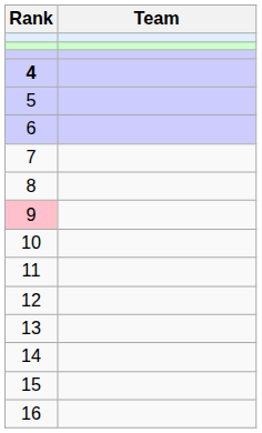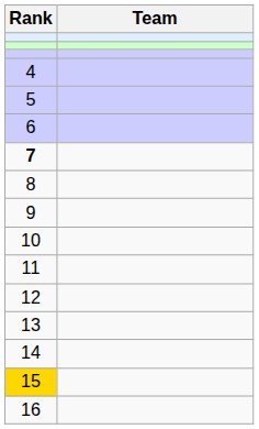 <table class="wikitable">
 <tr>
 <th>Rank</th>
 <th style="width: 170px;">Team</th>
 </tr>
 <tr style="background: #DFEFFF;">
 <td style="text-align: center;"></td>
 <td></td>
 </tr>
 <tr style="background: #CCFFCC;">
 <td style="text-align: center;"></td>
 <td></td>
 </tr>
 <tr style="background: #CCCCFF;">
 <td style="text-align: center;"></td>
 <td></td>
 </tr>
 <tr style="background: #CCCCFF;">
-<td style="text-align: center;"><strong>4</strong></td>
+<td style="text-align: center;">4</td>
 <td></td>
 </tr>
 <tr style="background: #CCCCFF;">
 <td style="text-align: center;">5</td>
 <td></td>
 </tr>
 <tr style="background: #CCCCFF;">
 <td style="text-align: center;">6</td>
 <td></td>
 </tr>
 <tr>
-<td style="text-align: center;">7</td>
+<td style="text-align: center;"><strong>7</strong></td>
 <td></td>
 </tr>
 <tr>
 <td style="text-align: center;">8</td>
 <td></td>
 </tr>
 <tr>
-<td style="background: pink; text-align: center;">9</td>
+<td style="text-align: center;">9</td>
 <td></td>
 </tr>
 <tr>
 <td style="text-align: center;">10</td>
 <td></td>
 </tr>
 <tr>
 <td style="text-align: center;">11</td>
 <td></td>
 </tr>
 <tr>
 <td style="text-align: center;">12</td>
 <td></td>
 </tr>
 <tr>
 <td style="text-align: center;">13</td>
 <td></td>
 </tr>
 <tr>
 <td style="text-align: center;">14</td>
 <td></td>
 </tr>
 <tr>
-<td style="text-align: center;">15</td>
+<td style="background: gold; text-align: center;">15</td>
 <td></td>
 </tr>
 <tr>
 <td style="text-align: center;">16</td>
 <td></td>
 </tr>
 </table>
